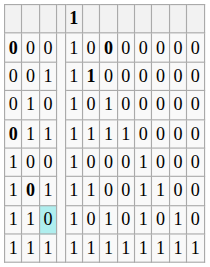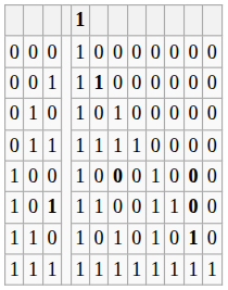 <table class="wikitable" style="padding-left: 1.5em;">
 <tr>
 <th></th>
 <th></th>
 <th></th>
 <th></th>
 <th>1</th>
 <th></th>
 <th></th>
 <th></th>
 <th></th>
 <th></th>
 <th></th>
 <th></th>
 </tr>
 <tr>
-<td><strong>0</strong></td>
+<td>0</td>
 <td>0</td>
 <td>0</td>
 <td rowspan="8"></td>
 <td>1</td>
 <td>0</td>
-<td><strong>0</strong></td>
+<td>0</td>
 <td>0</td>
 <td>0</td>
 <td>0</td>
 <td>0</td>
 <td>0</td>
 </tr>
 <tr>
 <td>0</td>
 <td>0</td>
 <td>1</td>
 <td>1</td>
 <td><strong>1</strong></td>
 <td>0</td>
 <td>0</td>
 <td>0</td>
 <td>0</td>
 <td>0</td>
 <td>0</td>
 </tr>
 <tr>
 <td>0</td>
 <td>1</td>
 <td>0</td>
 <td>1</td>
 <td>0</td>
 <td>1</td>
 <td>0</td>
 <td>0</td>
 <td>0</td>
 <td>0</td>
 <td>0</td>
 </tr>
 <tr>
-<td><strong>0</strong></td>
+<td>0</td>
 <td>1</td>
 <td>1</td>
 <td>1</td>
 <td>1</td>
 <td>1</td>
 <td>1</td>
 <td>0</td>
 <td>0</td>
 <td>0</td>
 <td>0</td>
 </tr>
 <tr>
 <td>1</td>
 <td>0</td>
 <td>0</td>
 <td>1</td>
 <td>0</td>
-<td>0</td>
+<td><strong>0</strong></td>
 <td>0</td>
 <td>1</td>
 <td>0</td>
-<td>0</td>
+<td><strong>0</strong></td>
 <td>0</td>
 </tr>
 <tr>
 <td>1</td>
-<td><strong>0</strong></td>
-<td>1</td>
+<td>0</td>
+<td><strong>1</strong></td>
 <td>1</td>
 <td>1</td>
 <td>0</td>
 <td>0</td>
 <td>1</td>
 <td>1</td>
-<td>0</td>
+<td><strong>0</strong></td>
 <td>0</td>
 </tr>
 <tr>
 <td>1</td>
-<td>1</td>
-<td style="background: paleturquoise;">0</td>
 <td>1</td>
 <td>0</td>
 <td>1</td>
 <td>0</td>
 <td>1</td>
 <td>0</td>
 <td>1</td>
+<td>0</td>
+<td><strong>1</strong></td>
 <td>0</td>
 </tr>
 <tr>
 <td>1</td>
 <td>1</td>
 <td>1</td>
 <td>1</td>
 <td>1</td>
 <td>1</td>
 <td>1</td>
 <td>1</td>
 <td>1</td>
 <td>1</td>
 <td>1</td>
 </tr>
 </table>
